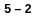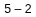 <table style="text-align:center">
 <tr>
 <th width=200></th>
 <th width=100></th>
 <th width=200></th>
 </tr>
 <tr>
 <td align=right><strong></strong></td>
-<td><strong>5 – 2</strong></td>
+<td>5 – 2</td>
 <td align=left></td>
 </tr>
 </table>
